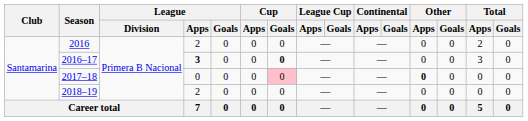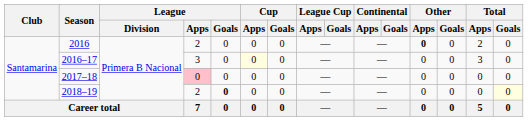 <table class="wikitable" style="text-align:center">
 <tr>
 <th rowspan="2">Club</th>
 <th rowspan="2">Season</th>
 <th colspan="3">League</th>
 <th colspan="2">Cup</th>
 <th colspan="2">League Cup</th>
 <th colspan="2">Continental</th>
 <th colspan="2">Other</th>
 <th colspan="2">Total</th>
 </tr>
 <tr>
 <th>Division</th>
 <th>Apps</th>
 <th>Goals</th>
 <th>Apps</th>
 <th>Goals</th>
 <th>Apps</th>
 <th>Goals</th>
 <th>Apps</th>
 <th>Goals</th>
 <th>Apps</th>
 <th>Goals</th>
 <th>Apps</th>
 <th>Goals</th>
 </tr>
 <tr>
 <td rowspan="4"><a href='#'>Santamarina</a></td>
 <td><a href='#'>2016</a></td>
 <td rowspan="4"><a href='#'>Primera B Nacional</a></td>
 <td>2</td>
 <td>0</td>
 <td>0</td>
 <td>0</td>
 <td colspan="2">—</td>
 <td colspan="2">—</td>
-<td>0</td>
+<td><strong>0</strong></td>
 <td>0</td>
 <td>2</td>
 <td>0</td>
 </tr>
 <tr>
 <td><a href='#'>2016–17</a></td>
-<td><strong>3</strong></td>
+<td>3</td>
 <td>0</td>
+<td style="background: lightyellow;">0</td>
 <td>0</td>
-<td><strong>0</strong></td>
 <td colspan="2">—</td>
 <td colspan="2">—</td>
 <td>0</td>
 <td>0</td>
 <td>3</td>
 <td>0</td>
 </tr>
 <tr>
 <td><a href='#'>2017–18</a></td>
-<td>0</td>
-<td>0</td>
-<td>0</td>
 <td style="background: pink;">0</td>
-<td colspan="2">—</td>
-<td colspan="2">—</td>
-<td><strong>0</strong></td>
-<td>0</td>
-<td>0</td>
-<td>0</td>
-</tr>
-<tr>
-<td><a href='#'>2018–19</a></td>
-<td>2</td>
 <td>0</td>
 <td>0</td>
 <td>0</td>
 <td colspan="2">—</td>
 <td colspan="2">—</td>
 <td>0</td>
 <td>0</td>
 <td>0</td>
 <td>0</td>
+</tr>
+<tr>
+<td><a href='#'>2018–19</a></td>
+<td>2</td>
+<td><strong>0</strong></td>
+<td>0</td>
+<td>0</td>
+<td colspan="2">—</td>
+<td colspan="2">—</td>
+<td>0</td>
+<td>0</td>
+<td>0</td>
+<td style="background: lightyellow;">0</td>
 </tr>
 <tr>
 <th colspan="3">Career total</th>
 <th>7</th>
 <th>0</th>
 <th>0</th>
 <th>0</th>
 <th colspan="2">—</th>
 <th colspan="2">—</th>
 <th>0</th>
 <th>0</th>
 <th>5</th>
 <th>0</th>
 </tr>
 </table>
